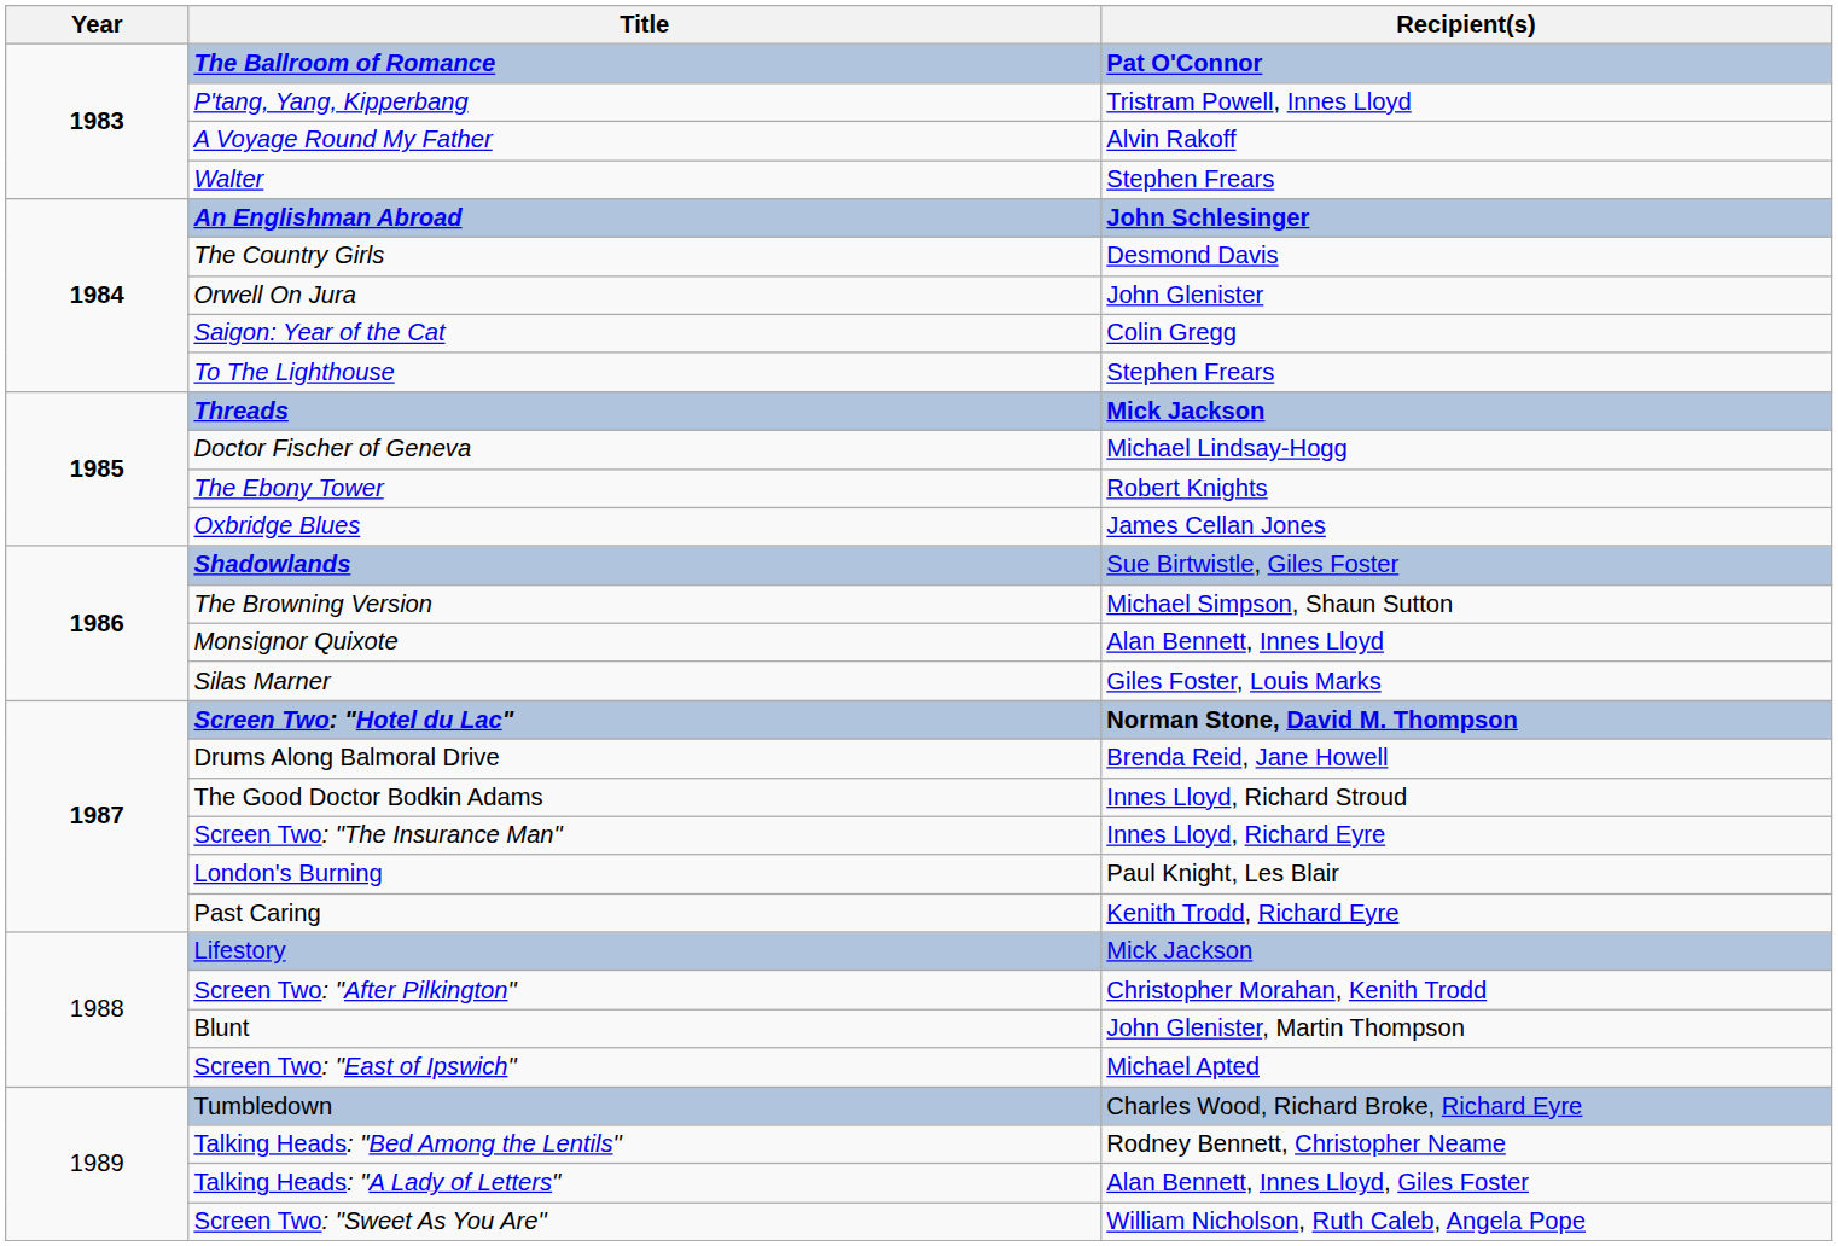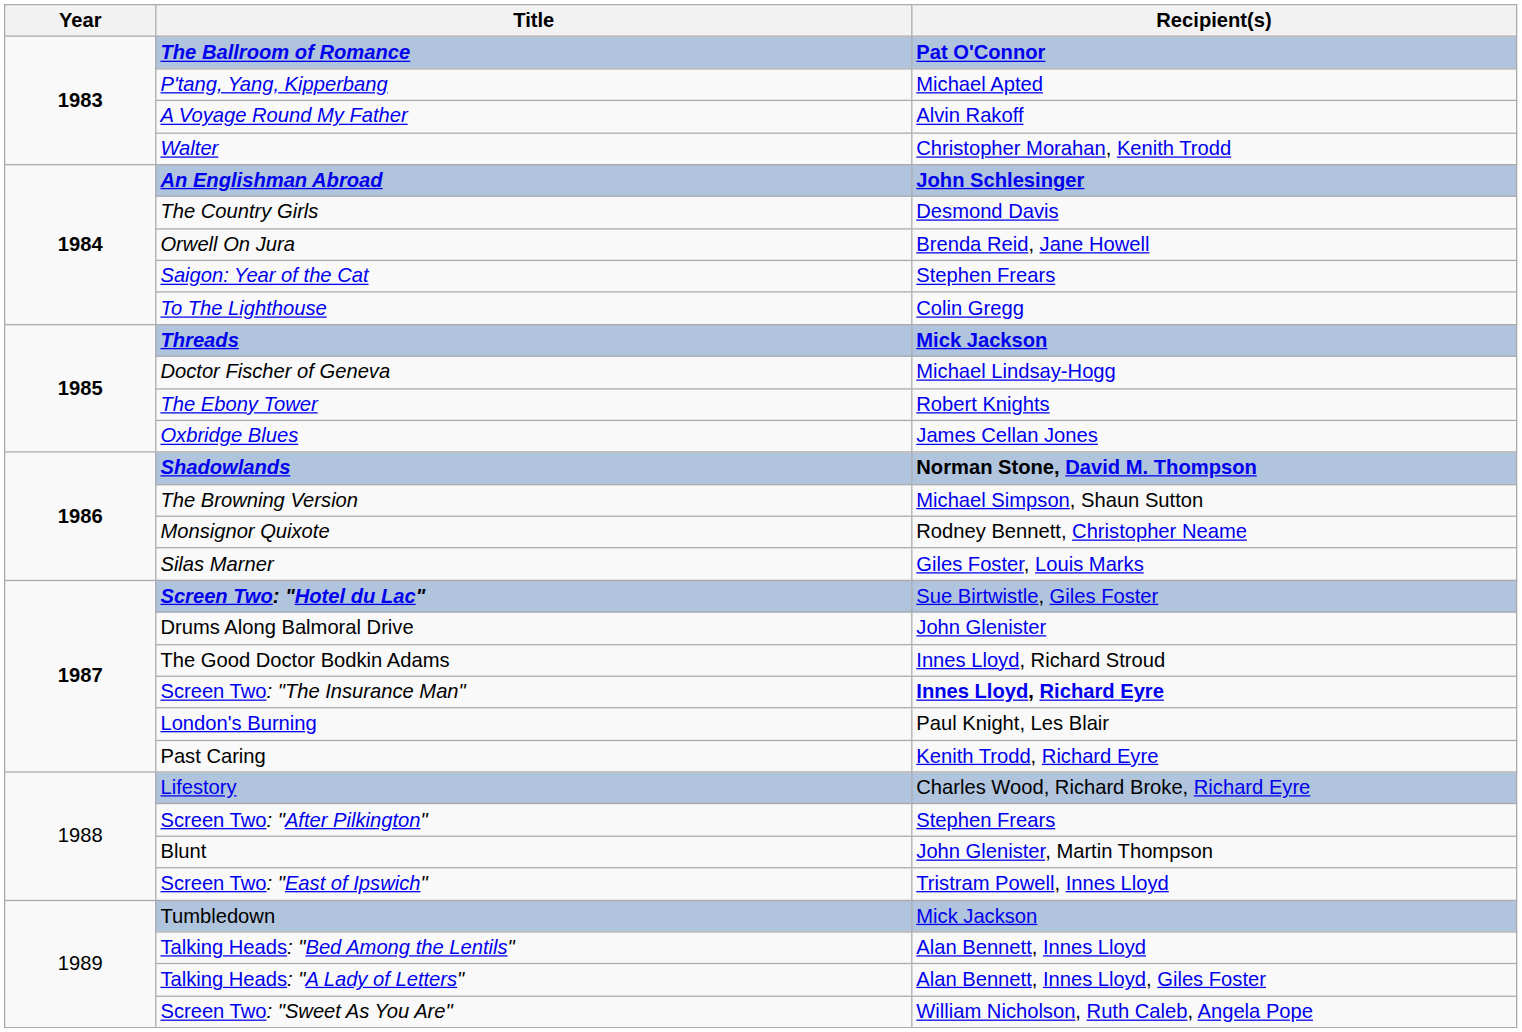 <table class="wikitable" width="95%">
 <tr>
 <th width=5%>Year</th>
 <th width=25%><strong>Title</strong></th>
 <th width=20%><strong>Recipient(s)</strong></th>
 </tr>
 <tr>
 <td rowspan="4" style="text-align:center;"><strong>1983</strong></td>
 <td style="background:#B0C4DE;"><strong><em><a href='#'>The Ballroom of Romance</a></em></strong></td>
 <td style="background:#B0C4DE;"><strong><a href='#'>Pat O'Connor</a></strong></td>
 </tr>
 <tr>
 <td><em><a href='#'>P'tang, Yang, Kipperbang</a></em></td>
-<td><a href='#'>Tristram Powell</a>, <a href='#'>Innes Lloyd</a></td>
+<td><a href='#'>Michael Apted</a></td>
 </tr>
 <tr>
 <td><em><a href='#'>A Voyage Round My Father</a></em></td>
 <td><a href='#'>Alvin Rakoff</a></td>
 </tr>
 <tr>
 <td><em><a href='#'>Walter</a></em></td>
-<td><a href='#'>Stephen Frears</a></td>
+<td><a href='#'>Christopher Morahan</a>, <a href='#'>Kenith Trodd</a></td>
 </tr>
 <tr>
 <td rowspan="5" style="text-align:center;"><strong>1984</strong></td>
 <td style="background:#B0C4DE;"><strong><em><a href='#'>An Englishman Abroad</a></em></strong></td>
 <td style="background:#B0C4DE;"><strong><a href='#'>John Schlesinger</a></strong></td>
 </tr>
 <tr>
 <td><em>The Country Girls</em></td>
 <td><a href='#'>Desmond Davis</a></td>
 </tr>
 <tr>
 <td><em>Orwell On Jura</em></td>
-<td><a href='#'>John Glenister</a></td>
+<td><a href='#'>Brenda Reid</a>, <a href='#'>Jane Howell</a></td>
 </tr>
 <tr>
 <td><em><a href='#'>Saigon: Year of the Cat</a></em></td>
-<td><a href='#'>Colin Gregg</a></td>
+<td><a href='#'>Stephen Frears</a></td>
 </tr>
 <tr>
 <td><em><a href='#'>To The Lighthouse</a></em></td>
-<td><a href='#'>Stephen Frears</a></td>
+<td><a href='#'>Colin Gregg</a></td>
 </tr>
 <tr>
 <td rowspan="4" style="text-align:center;"><strong>1985</strong></td>
 <td style="background:#B0C4DE;"><strong><em><a href='#'>Threads</a></em></strong></td>
 <td style="background:#B0C4DE;"><strong><a href='#'>Mick Jackson</a></strong></td>
 </tr>
 <tr>
 <td><em>Doctor Fischer of Geneva</em></td>
 <td><a href='#'>Michael Lindsay-Hogg</a></td>
 </tr>
 <tr>
 <td><em><a href='#'>The Ebony Tower</a></em></td>
 <td><a href='#'>Robert Knights</a></td>
 </tr>
 <tr>
 <td><em><a href='#'>Oxbridge Blues</a></em></td>
 <td><a href='#'>James Cellan Jones</a></td>
 </tr>
 <tr>
 <td rowspan="4" style="text-align:center;"><strong>1986</strong></td>
 <td style="background:#B0C4DE;"><strong><em><a href='#'>Shadowlands</a></em></strong></td>
-<td style="background:#B0C4DE;"></strong><a href='#'>Sue Birtwistle</a>, <a href='#'>Giles Foster</a><strong></td>
+<td style="background:#B0C4DE;"><strong>Norman Stone, <a href='#'>David M. Thompson</a></strong></td>
 </tr>
 <tr>
 <td><em>The Browning Version</em></td>
 <td><a href='#'>Michael Simpson</a>, Shaun Sutton</td>
 </tr>
 <tr>
 <td><em>Monsignor Quixote</em></td>
-<td><a href='#'>Alan Bennett</a>, <a href='#'>Innes Lloyd</a></td>
+<td>Rodney Bennett, <a href='#'>Christopher Neame</a></td>
 </tr>
 <tr>
 <td><em>Silas Marner</em></td>
 <td><a href='#'>Giles Foster</a>, <a href='#'>Louis Marks</a></td>
 </tr>
 <tr>
 <td rowspan="6" style="text-align:center;"><strong>1987</strong></td>
 <td style="background:#B0C4DE;"><strong><em><a href='#'>Screen Two</a><em>: "<a href='#'>Hotel du Lac</a>"<strong></td>
-<td style="background:#B0C4DE;"><strong>Norman Stone, <a href='#'>David M. Thompson</a></strong></td>
+<td style="background:#B0C4DE;"></strong><a href='#'>Sue Birtwistle</a>, <a href='#'>Giles Foster</a><strong></td>
 </tr>
 <tr>
 <td></em>Drums Along Balmoral Drive<em></td>
-<td><a href='#'>Brenda Reid</a>, <a href='#'>Jane Howell</a></td>
+<td><a href='#'>John Glenister</a></td>
 </tr>
 <tr>
 <td></em>The Good Doctor Bodkin Adams<em></td>
 <td><a href='#'>Innes Lloyd</a>, Richard Stroud</td>
 </tr>
 <tr>
 <td></em><a href='#'>Screen Two</a><em>: "The Insurance Man"</td>
-<td><a href='#'>Innes Lloyd</a>, <a href='#'>Richard Eyre</a></td>
+<td><strong><a href='#'>Innes Lloyd</a>, <a href='#'>Richard Eyre</a></strong></td>
 </tr>
 <tr>
 <td></em><a href='#'>London's Burning</a><em></td>
 <td>Paul Knight, Les Blair</td>
 </tr>
 <tr>
 <td></em>Past Caring<em></td>
 <td><a href='#'>Kenith Trodd</a>, <a href='#'>Richard Eyre</a></td>
 </tr>
 <tr>
 <td rowspan="4" style="text-align:center;"></strong>1988<strong></td>
 <td style="background:#B0C4DE;"></em></strong><a href='#'>Lifestory</a><strong><em></td>
-<td style="background:#B0C4DE;"></strong><a href='#'>Mick Jackson</a><strong></td>
+<td style="background:#B0C4DE;"></strong>Charles Wood, Richard Broke, <a href='#'>Richard Eyre</a><strong></td>
 </tr>
 <tr>
 <td></em><a href='#'>Screen Two</a><em>: "<a href='#'>After Pilkington</a>"</td>
-<td><a href='#'>Christopher Morahan</a>, <a href='#'>Kenith Trodd</a></td>
+<td><a href='#'>Stephen Frears</a></td>
 </tr>
 <tr>
 <td></em>Blunt<em></td>
 <td><a href='#'>John Glenister</a>, Martin Thompson</td>
 </tr>
 <tr>
 <td></em><a href='#'>Screen Two</a><em>: "<a href='#'>East of Ipswich</a>"</td>
-<td><a href='#'>Michael Apted</a></td>
+<td><a href='#'>Tristram Powell</a>, <a href='#'>Innes Lloyd</a></td>
 </tr>
 <tr>
 <td rowspan="4" style="text-align:center;"></strong>1989<strong></td>
 <td style="background:#B0C4DE;"></em></strong>Tumbledown<strong><em></td>
-<td style="background:#B0C4DE;"></strong>Charles Wood, Richard Broke, <a href='#'>Richard Eyre</a><strong></td>
+<td style="background:#B0C4DE;"></strong><a href='#'>Mick Jackson</a><strong></td>
 </tr>
 <tr>
 <td></em><a href='#'>Talking Heads</a><em>: "<a href='#'>Bed Among the Lentils</a>"</td>
-<td>Rodney Bennett, <a href='#'>Christopher Neame</a></td>
+<td><a href='#'>Alan Bennett</a>, <a href='#'>Innes Lloyd</a></td>
 </tr>
 <tr>
 <td></em><a href='#'>Talking Heads</a><em>: "<a href='#'>A Lady of Letters</a>"</td>
 <td><a href='#'>Alan Bennett</a>, <a href='#'>Innes Lloyd</a>, <a href='#'>Giles Foster</a></td>
 </tr>
 <tr>
 <td></em><a href='#'>Screen Two</a><em>: "Sweet As You Are"</td>
 <td><a href='#'>William Nicholson</a>, <a href='#'>Ruth Caleb</a>, <a href='#'>Angela Pope</a></td>
 </tr>
 <tr>
 </tr>
 </table>
